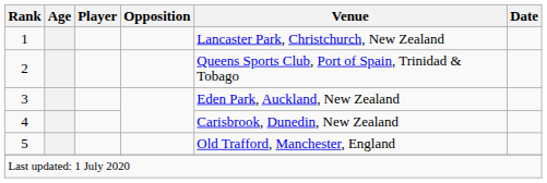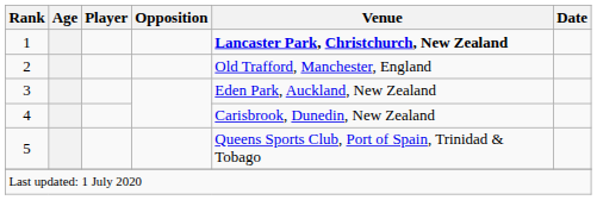 <table class="wikitable plainrowheaders sortable">
 <tr>
 <th scope=col>Rank</th>
 <th scope=col>Age</th>
 <th scope=col>Player</th>
 <th scope=col>Opposition</th>
 <th scope=col>Venue</th>
 <th scope=col>Date</th>
 </tr>
 <tr>
 <td align=center>1</td>
 <th scope=row style=text-align:center;></th>
 <td></td>
 <td></td>
-<td><a href='#'>Lancaster Park</a>, <a href='#'>Christchurch</a>, New Zealand</td>
+<td><strong><a href='#'>Lancaster Park</a>, <a href='#'>Christchurch</a>, New Zealand</strong></td>
 <td></td>
 </tr>
 <tr>
 <td align=center>2</td>
 <th scope=row style=text-align:center;></th>
 <td></td>
 <td></td>
-<td><a href='#'>Queens Sports Club</a>, <a href='#'>Port of Spain</a>, Trinidad & Tobago</td>
+<td><a href='#'>Old Trafford</a>, <a href='#'>Manchester</a>, England</td>
 <td></td>
 </tr>
 <tr>
 <td align=center>3</td>
 <th scope=row style=text-align:center;></th>
 <td></td>
 <td rowspan=2></td>
 <td><a href='#'>Eden Park</a>, <a href='#'>Auckland</a>, New Zealand</td>
 <td></td>
 </tr>
 <tr>
 <td align=center>4</td>
 <th scope=row style=text-align:center;></th>
 <td></td>
 <td><a href='#'>Carisbrook</a>, <a href='#'>Dunedin</a>, New Zealand</td>
 <td></td>
 </tr>
 <tr>
 <td align=center>5</td>
 <th scope=row style=text-align:center;></th>
 <td></td>
 <td></td>
-<td><a href='#'>Old Trafford</a>, <a href='#'>Manchester</a>, England</td>
+<td><a href='#'>Queens Sports Club</a>, <a href='#'>Port of Spain</a>, Trinidad & Tobago</td>
 <td></td>
 </tr>
 <tr>
 </tr>
 <tr class=sortbottom>
 <td colspan=7><small>Last updated: 1 July 2020</small></td>
 </tr>
 </table>
